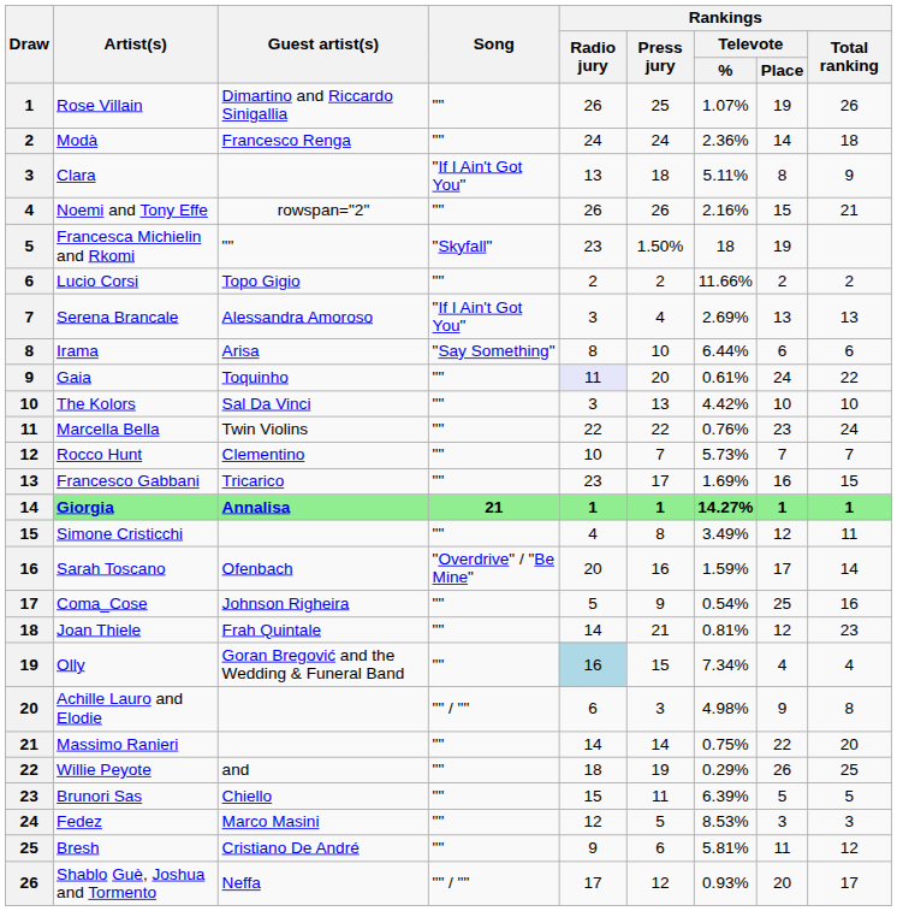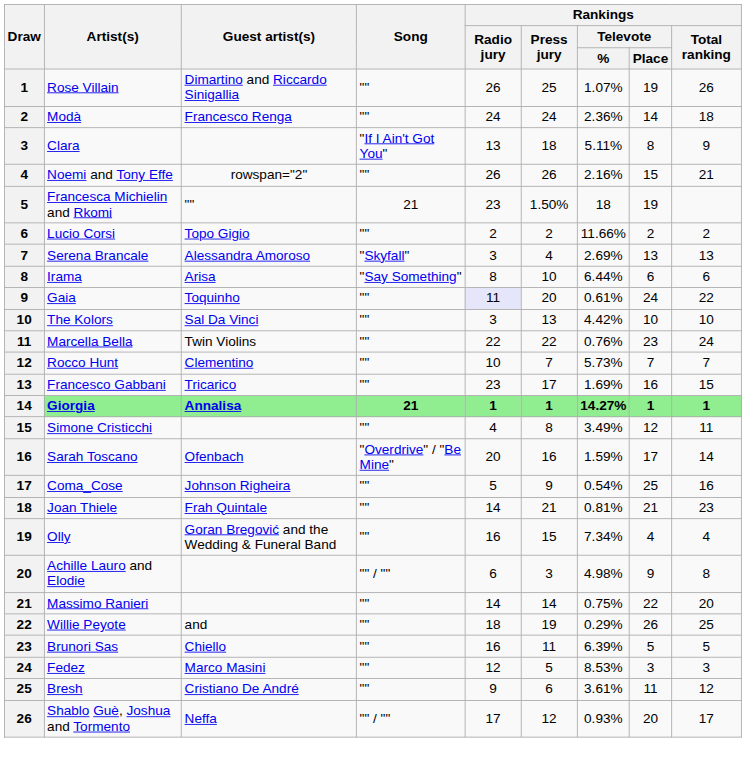 <table class="wikitable sortable plainrowheaders" style="text-align:center">
 <tr>
 <th rowspan="3">Draw</th>
 <th rowspan="3">Artist(s)</th>
 <th rowspan="3">Guest artist(s)</th>
 <th rowspan="3">Song</th>
 <th colspan="5" class="unsortable">Rankings</th>
 </tr>
 <tr>
 <th rowspan="2">Radio jury</th>
 <th rowspan="2">Press jury</th>
 <th colspan="2">Televote</th>
 <th rowspan="2">Total ranking</th>
 </tr>
 <tr>
 <th>%</th>
 <th>Place</th>
 </tr>
 <tr>
 <th scope="row" style="text-align:center">1</th>
 <td align="left"><a href='#'>Rose Villain</a></td>
 <td align="left"><a href='#'>Dimartino</a> and <a href='#'>Riccardo Sinigallia</a></td>
 <td align="left">""</td>
 <td>26</td>
 <td>25</td>
 <td>1.07%</td>
 <td>19</td>
 <td>26</td>
 </tr>
 <tr>
 <th scope="row" style="text-align:center">2</th>
 <td align="left"><a href='#'>Modà</a></td>
 <td align="left"><a href='#'>Francesco Renga</a></td>
 <td align="left">""</td>
 <td>24</td>
 <td>24</td>
 <td>2.36%</td>
 <td>14</td>
 <td>18</td>
 </tr>
 <tr>
 <th scope="row" style="text-align:center">3</th>
 <td align="left"><a href='#'>Clara</a></td>
 <td align="left"></td>
 <td align="left">"<a href='#'>If I Ain't Got You</a>"</td>
 <td>13</td>
 <td>18</td>
 <td>5.11%</td>
 <td>8</td>
 <td>9</td>
 </tr>
 <tr>
 <th scope="row" style="text-align:center">4</th>
 <td align="left"><a href='#'>Noemi</a> and <a href='#'>Tony Effe</a></td>
 <td>rowspan="2" </td>
 <td align="left">""</td>
 <td>26</td>
 <td>26</td>
 <td>2.16%</td>
 <td>15</td>
 <td>21</td>
 </tr>
 <tr>
 <th scope="row" style="text-align:center">5</th>
 <td align="left"><a href='#'>Francesca Michielin</a> and <a href='#'>Rkomi</a></td>
 <td align="left">""</td>
-<td align="left">"<a href='#'>Skyfall</a>"</td>
+<td>21</td>
 <td>23</td>
 <td>1.50%</td>
 <td>18</td>
 <td>19</td>
 </tr>
 <tr>
 <th scope="row" style="text-align:center">6</th>
 <td align="left"><a href='#'>Lucio Corsi</a></td>
 <td align="left"><a href='#'>Topo Gigio</a></td>
 <td align="left">""</td>
 <td>2</td>
 <td>2</td>
 <td>11.66%</td>
 <td>2</td>
 <td>2</td>
 </tr>
 <tr>
 <th scope="row" style="text-align:center">7</th>
 <td align="left"><a href='#'>Serena Brancale</a></td>
 <td align="left"><a href='#'>Alessandra Amoroso</a></td>
-<td align="left">"<a href='#'>If I Ain't Got You</a>"</td>
+<td align="left">"<a href='#'>Skyfall</a>"</td>
 <td>3</td>
 <td>4</td>
 <td>2.69%</td>
 <td>13</td>
 <td>13</td>
 </tr>
 <tr>
 <th scope="row" style="text-align:center">8</th>
 <td align="left"><a href='#'>Irama</a></td>
 <td align="left"><a href='#'>Arisa</a></td>
 <td align="left">"<a href='#'>Say Something</a>"</td>
 <td>8</td>
 <td>10</td>
 <td>6.44%</td>
 <td>6</td>
 <td>6</td>
 </tr>
 <tr>
 <th scope="row" style="text-align:center">9</th>
 <td align="left"><a href='#'>Gaia</a></td>
 <td align="left"><a href='#'>Toquinho</a></td>
 <td align="left">""</td>
 <td style="background: lavender;">11</td>
 <td>20</td>
 <td>0.61%</td>
 <td>24</td>
 <td>22</td>
 </tr>
 <tr>
 <th scope="row" style="text-align:center">10</th>
 <td align="left"><a href='#'>The Kolors</a></td>
 <td align="left"><a href='#'>Sal Da Vinci</a></td>
 <td align="left">""</td>
 <td>3</td>
 <td>13</td>
 <td>4.42%</td>
 <td>10</td>
 <td>10</td>
 </tr>
 <tr>
 <th scope="row" style="text-align:center">11</th>
 <td align="left"><a href='#'>Marcella Bella</a></td>
 <td align="left">Twin Violins</td>
 <td align="left">""</td>
 <td>22</td>
 <td>22</td>
 <td>0.76%</td>
 <td>23</td>
 <td>24</td>
 </tr>
 <tr>
 <th scope="row" style="text-align:center">12</th>
 <td align="left"><a href='#'>Rocco Hunt</a></td>
 <td align="left"><a href='#'>Clementino</a></td>
 <td align="left">""</td>
 <td>10</td>
 <td>7</td>
 <td>5.73%</td>
 <td>7</td>
 <td>7</td>
 </tr>
 <tr>
 <th scope="row" style="text-align:center">13</th>
 <td align="left"><a href='#'>Francesco Gabbani</a></td>
 <td align="left"><a href='#'>Tricarico</a></td>
 <td align="left">""</td>
 <td>23</td>
 <td>17</td>
 <td>1.69%</td>
 <td>16</td>
 <td>15</td>
 </tr>
 <tr style="font-weight:bold; background:#90EE90;">
 <th scope="row" style="text-align:center">14</th>
 <td align="left"><a href='#'>Giorgia</a></td>
 <td align="left"><a href='#'>Annalisa</a></td>
 <td>21</td>
 <td>1</td>
 <td>1</td>
 <td>14.27%</td>
 <td>1</td>
 <td>1</td>
 </tr>
 <tr>
 <th scope="row" style="text-align:center">15</th>
 <td align="left"><a href='#'>Simone Cristicchi</a></td>
 <td align="left"></td>
 <td align="left">""</td>
 <td>4</td>
 <td>8</td>
 <td>3.49%</td>
 <td>12</td>
 <td>11</td>
 </tr>
 <tr>
 <th scope="row" style="text-align:center">16</th>
 <td align="left"><a href='#'>Sarah Toscano</a></td>
 <td align="left"><a href='#'>Ofenbach</a></td>
 <td align="left">"<a href='#'>Overdrive</a>" / "<a href='#'>Be Mine</a>"</td>
 <td>20</td>
 <td>16</td>
 <td>1.59%</td>
 <td>17</td>
 <td>14</td>
 </tr>
 <tr>
 <th scope="row" style="text-align:center">17</th>
 <td align="left"><a href='#'>Coma_Cose</a></td>
 <td align="left"><a href='#'>Johnson Righeira</a></td>
 <td align="left">""</td>
 <td>5</td>
 <td>9</td>
 <td>0.54%</td>
 <td>25</td>
 <td>16</td>
 </tr>
 <tr>
 <th scope="row" style="text-align:center">18</th>
 <td align="left"><a href='#'>Joan Thiele</a></td>
 <td align="left"><a href='#'>Frah Quintale</a></td>
 <td align="left">""</td>
 <td>14</td>
 <td>21</td>
 <td>0.81%</td>
-<td>12</td>
+<td>21</td>
 <td>23</td>
 </tr>
 <tr>
 <th scope="row" style="text-align:center">19</th>
 <td align="left"><a href='#'>Olly</a></td>
 <td align="left"><a href='#'>Goran Bregović</a> and the Wedding & Funeral Band</td>
 <td align="left">""</td>
-<td style="background: lightblue;">16</td>
+<td>16</td>
 <td>15</td>
 <td>7.34%</td>
 <td>4</td>
 <td>4</td>
 </tr>
 <tr>
 <th scope="row" style="text-align:center">20</th>
 <td align="left"><a href='#'>Achille Lauro</a> and <a href='#'>Elodie</a></td>
 <td></td>
 <td align="left">"" / ""</td>
 <td>6</td>
 <td>3</td>
 <td>4.98%</td>
 <td>9</td>
 <td>8</td>
 </tr>
 <tr>
 <th scope="row" style="text-align:center">21</th>
 <td align="left"><a href='#'>Massimo Ranieri</a></td>
 <td align="left"></td>
 <td align="left">""</td>
 <td>14</td>
 <td>14</td>
 <td>0.75%</td>
 <td>22</td>
 <td>20</td>
 </tr>
 <tr>
 <th scope="row" style="text-align:center">22</th>
 <td align="left"><a href='#'>Willie Peyote</a></td>
 <td align="left"> and </td>
 <td align="left">""</td>
 <td>18</td>
 <td>19</td>
 <td>0.29%</td>
 <td>26</td>
 <td>25</td>
 </tr>
 <tr>
 <th scope="row" style="text-align:center">23</th>
 <td align="left"><a href='#'>Brunori Sas</a></td>
 <td align="left"><a href='#'>Chiello</a></td>
 <td align="left">""</td>
-<td>15</td>
+<td>16</td>
 <td>11</td>
 <td>6.39%</td>
 <td>5</td>
 <td>5</td>
 </tr>
 <tr>
 <th scope="row" style="text-align:center">24</th>
 <td align="left"><a href='#'>Fedez</a></td>
 <td align="left"><a href='#'>Marco Masini</a></td>
 <td align="left">""</td>
 <td>12</td>
 <td>5</td>
 <td>8.53%</td>
 <td>3</td>
 <td>3</td>
 </tr>
 <tr>
 <th scope="row" style="text-align:center">25</th>
 <td align="left"><a href='#'>Bresh</a></td>
 <td align="left"><a href='#'>Cristiano De André</a></td>
 <td align="left">""</td>
 <td>9</td>
 <td>6</td>
-<td>5.81%</td>
+<td>3.61%</td>
 <td>11</td>
 <td>12</td>
 </tr>
 <tr>
 <th scope="row" style="text-align:center">26</th>
 <td align="left"><a href='#'>Shablo</a>  <a href='#'>Guè</a>, <a href='#'>Joshua</a> and <a href='#'>Tormento</a></td>
 <td align="left"><a href='#'>Neffa</a></td>
 <td align="left">"" / ""</td>
 <td>17</td>
 <td>12</td>
 <td>0.93%</td>
 <td>20</td>
 <td>17</td>
 </tr>
 </table>
